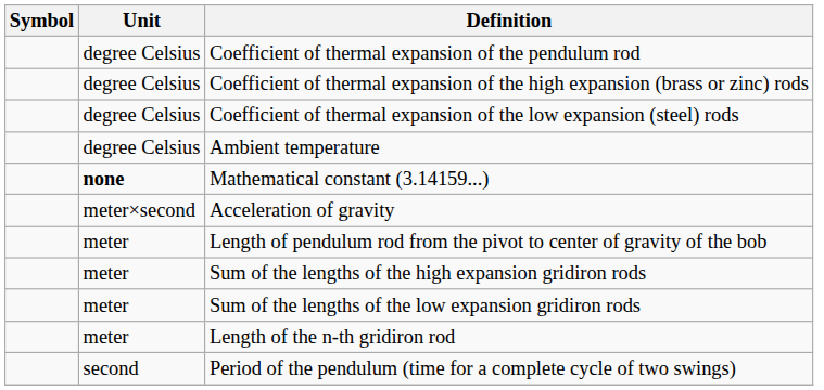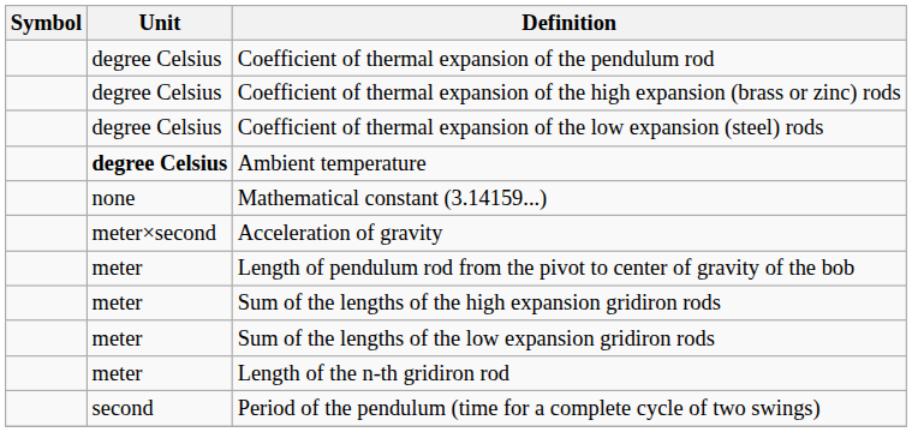 <table class="wikitable">
 <tr>
 <th>Symbol</th>
 <th>Unit</th>
 <th>Definition</th>
 </tr>
 <tr>
 <td></td>
 <td>degree Celsius</td>
 <td>Coefficient of thermal expansion of the pendulum rod</td>
 </tr>
 <tr>
 <td></td>
 <td>degree Celsius</td>
 <td>Coefficient of thermal expansion of the high expansion (brass or zinc) rods</td>
 </tr>
 <tr>
 <td></td>
 <td>degree Celsius</td>
 <td>Coefficient of thermal expansion of the low expansion (steel) rods</td>
 </tr>
 <tr>
 <td></td>
-<td>degree Celsius</td>
+<td><strong>degree Celsius</strong></td>
 <td>Ambient temperature</td>
 </tr>
 <tr>
 <td></td>
-<td><strong>none</strong></td>
+<td>none</td>
 <td>Mathematical constant (3.14159...)</td>
 </tr>
 <tr>
 <td></td>
 <td>meter×second</td>
 <td>Acceleration of gravity</td>
 </tr>
 <tr>
 <td></td>
 <td>meter</td>
 <td>Length of pendulum rod from the pivot to center of gravity of the bob</td>
 </tr>
 <tr>
 <td></td>
 <td>meter</td>
 <td>Sum of the lengths of the high expansion gridiron rods</td>
 </tr>
 <tr>
 <td></td>
 <td>meter</td>
 <td>Sum of the lengths of the low expansion gridiron rods</td>
 </tr>
 <tr>
 <td></td>
 <td>meter</td>
 <td>Length of the n-th gridiron rod</td>
 </tr>
 <tr>
 <td></td>
 <td>second</td>
 <td>Period of the pendulum (time for a complete cycle of two swings)</td>
 </tr>
 <tr>
 </tr>
 </table>
